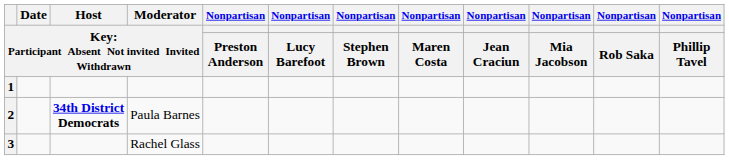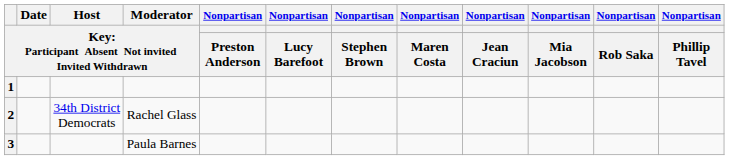 <table class="wikitable" style="text-align:center;">
 <tr>
 <th scope="col"></th>
 <th scope="col">Date</th>
 <th scope="col">Host</th>
 <th scope="col">Moderator</th>
 <th scope="col"><small><a href='#'>Nonpartisan</a></small></th>
 <th scope="col"><small><a href='#'>Nonpartisan</a></small></th>
 <th scope="col"><small><a href='#'>Nonpartisan</a></small></th>
 <th scope="col"><small><a href='#'>Nonpartisan</a></small></th>
 <th scope="col"><small><a href='#'>Nonpartisan</a></small></th>
 <th scope="col"><small><a href='#'>Nonpartisan</a></small></th>
 <th scope="col"><small><a href='#'>Nonpartisan</a></small></th>
 <th scope="col"><small><a href='#'>Nonpartisan</a></small></th>
 </tr>
 <tr>
 <th colspan="4" rowspan="2">Key:<br> <small>Participant </small>  <small>Absent </small>  <small>Not invited </small>  <small>Invited  Withdrawn</small></th>
 <th scope="col" style="background:"></th>
 <th scope="col" style="background:"></th>
 <th scope="col" style="background:"></th>
 <th scope="col" style="background:"></th>
 <th scope="col" style="background:"></th>
 <th scope="col" style="background:"></th>
 <th scope="col" style="background:"></th>
 <th scope="col" style="background:"></th>
 </tr>
 <tr>
 <th scope="col">Preston Anderson</th>
 <th scope="col">Lucy Barefoot</th>
 <th scope="col">Stephen Brown</th>
 <th scope="col">Maren Costa</th>
 <th scope="col">Jean Craciun</th>
 <th scope="col">Mia Jacobson</th>
 <th scope="col">Rob Saka</th>
 <th scope="col">Phillip Tavel</th>
 </tr>
 <tr>
 <th>1</th>
 <td style="white-space:nowrap;"></td>
 <td style="white-space:nowrap;"></td>
 <td style="white-space:nowrap;"></td>
 <td></td>
 <td></td>
 <td></td>
 <td></td>
 <td></td>
 <td></td>
 <td></td>
 <td></td>
 </tr>
 <tr>
 <th>2</th>
 <td style="white-space:nowrap;"></td>
-<td style="white-space:nowrap;"><strong><a href='#'>34th District</a><br>Democrats</strong></td>
-<td style="white-space:nowrap;">Paula Barnes</td>
+<td style="white-space:nowrap;"><a href='#'>34th District</a><br>Democrats</td>
+<td style="white-space:nowrap;">Rachel Glass</td>
 <td></td>
 <td></td>
 <td></td>
 <td></td>
 <td></td>
 <td></td>
 <td></td>
 <td></td>
 </tr>
 <tr>
 <th>3</th>
 <td style="white-space:nowrap;"></td>
 <td style="white-space:nowrap;"></td>
-<td style="white-space:nowrap;">Rachel Glass</td>
+<td style="white-space:nowrap;">Paula Barnes</td>
 <td></td>
 <td></td>
 <td></td>
 <td></td>
 <td></td>
 <td></td>
 <td></td>
 <td></td>
 </tr>
 </table>
